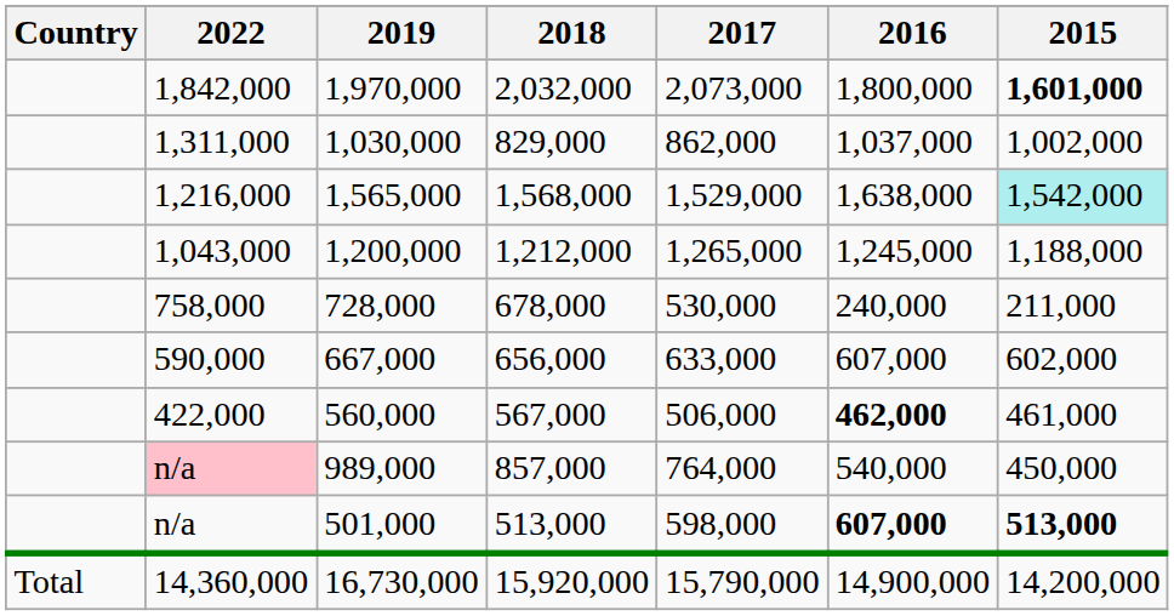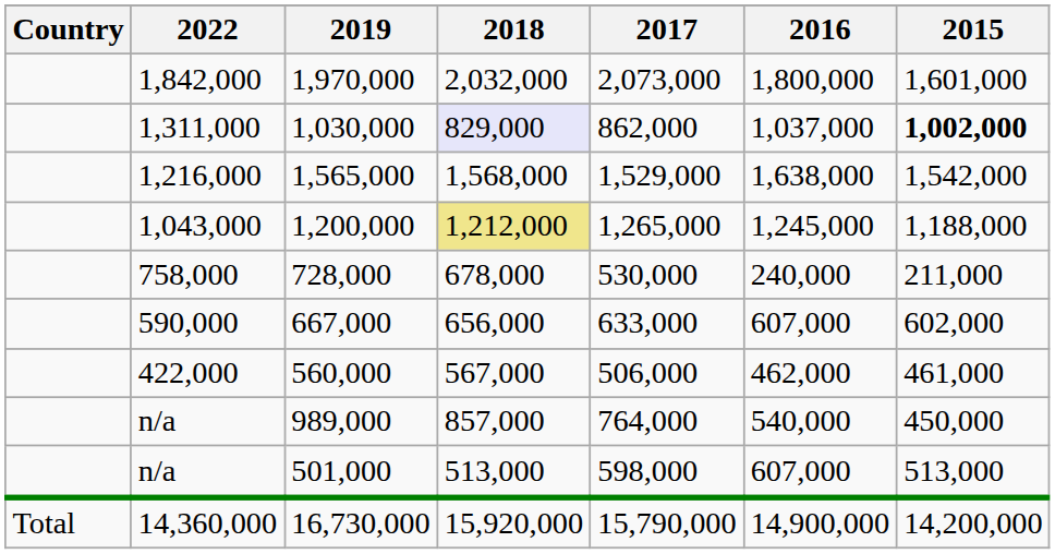 <table class="wikitable sortable">
 <tr>
 </tr>
 <tr>
 <th style=background:>Country</th>
 <th style=background:>2022</th>
 <th style=background:>2019</th>
 <th style=background:>2018</th>
 <th style=background:>2017</th>
 <th style=background:>2016</th>
 <th style=background:>2015</th>
 </tr>
 <tr>
 <td></td>
 <td>1,842,000</td>
 <td>1,970,000</td>
 <td>2,032,000</td>
 <td>2,073,000</td>
 <td>1,800,000</td>
-<td><strong>1,601,000</strong></td>
+<td>1,601,000</td>
 </tr>
 <tr>
 <td></td>
 <td>1,311,000</td>
 <td>1,030,000</td>
-<td>829,000</td>
+<td style="background: lavender;">829,000</td>
 <td>862,000</td>
 <td>1,037,000</td>
-<td>1,002,000</td>
+<td><strong>1,002,000</strong></td>
 </tr>
 <tr>
 <td></td>
 <td>1,216,000</td>
 <td>1,565,000</td>
 <td>1,568,000</td>
 <td>1,529,000</td>
 <td>1,638,000</td>
-<td style="background: paleturquoise;">1,542,000</td>
+<td>1,542,000</td>
 </tr>
 <tr>
 <td></td>
 <td>1,043,000</td>
 <td>1,200,000</td>
-<td>1,212,000</td>
+<td style="background: khaki;">1,212,000</td>
 <td>1,265,000</td>
 <td>1,245,000</td>
 <td>1,188,000</td>
 </tr>
 <tr>
 <td></td>
 <td>758,000</td>
 <td>728,000</td>
 <td>678,000</td>
 <td>530,000</td>
 <td>240,000</td>
 <td>211,000</td>
 </tr>
 <tr>
 <td></td>
 <td>590,000</td>
 <td>667,000</td>
 <td>656,000</td>
 <td>633,000</td>
 <td>607,000</td>
 <td>602,000</td>
 </tr>
 <tr>
 <td></td>
 <td>422,000</td>
 <td>560,000</td>
 <td>567,000</td>
 <td>506,000</td>
-<td><strong>462,000</strong></td>
+<td>462,000</td>
 <td>461,000</td>
 </tr>
 <tr>
 <td></td>
-<td style="background: pink;">n/a</td>
+<td>n/a</td>
 <td>989,000</td>
 <td>857,000</td>
 <td>764,000</td>
 <td>540,000</td>
 <td>450,000</td>
 </tr>
 <tr>
 <td></td>
 <td>n/a</td>
 <td>501,000</td>
 <td>513,000</td>
 <td>598,000</td>
-<td><strong>607,000</strong></td>
-<td><strong>513,000<br></strong></td>
+<td>607,000</td>
+<td>513,000<br></td>
 </tr>
 <tr style="border-top:3px solid green;">
 <td>Total</td>
 <td>14,360,000</td>
 <td>16,730,000</td>
 <td>15,920,000</td>
 <td>15,790,000</td>
 <td>14,900,000</td>
 <td>14,200,000</td>
 </tr>
 </table>
